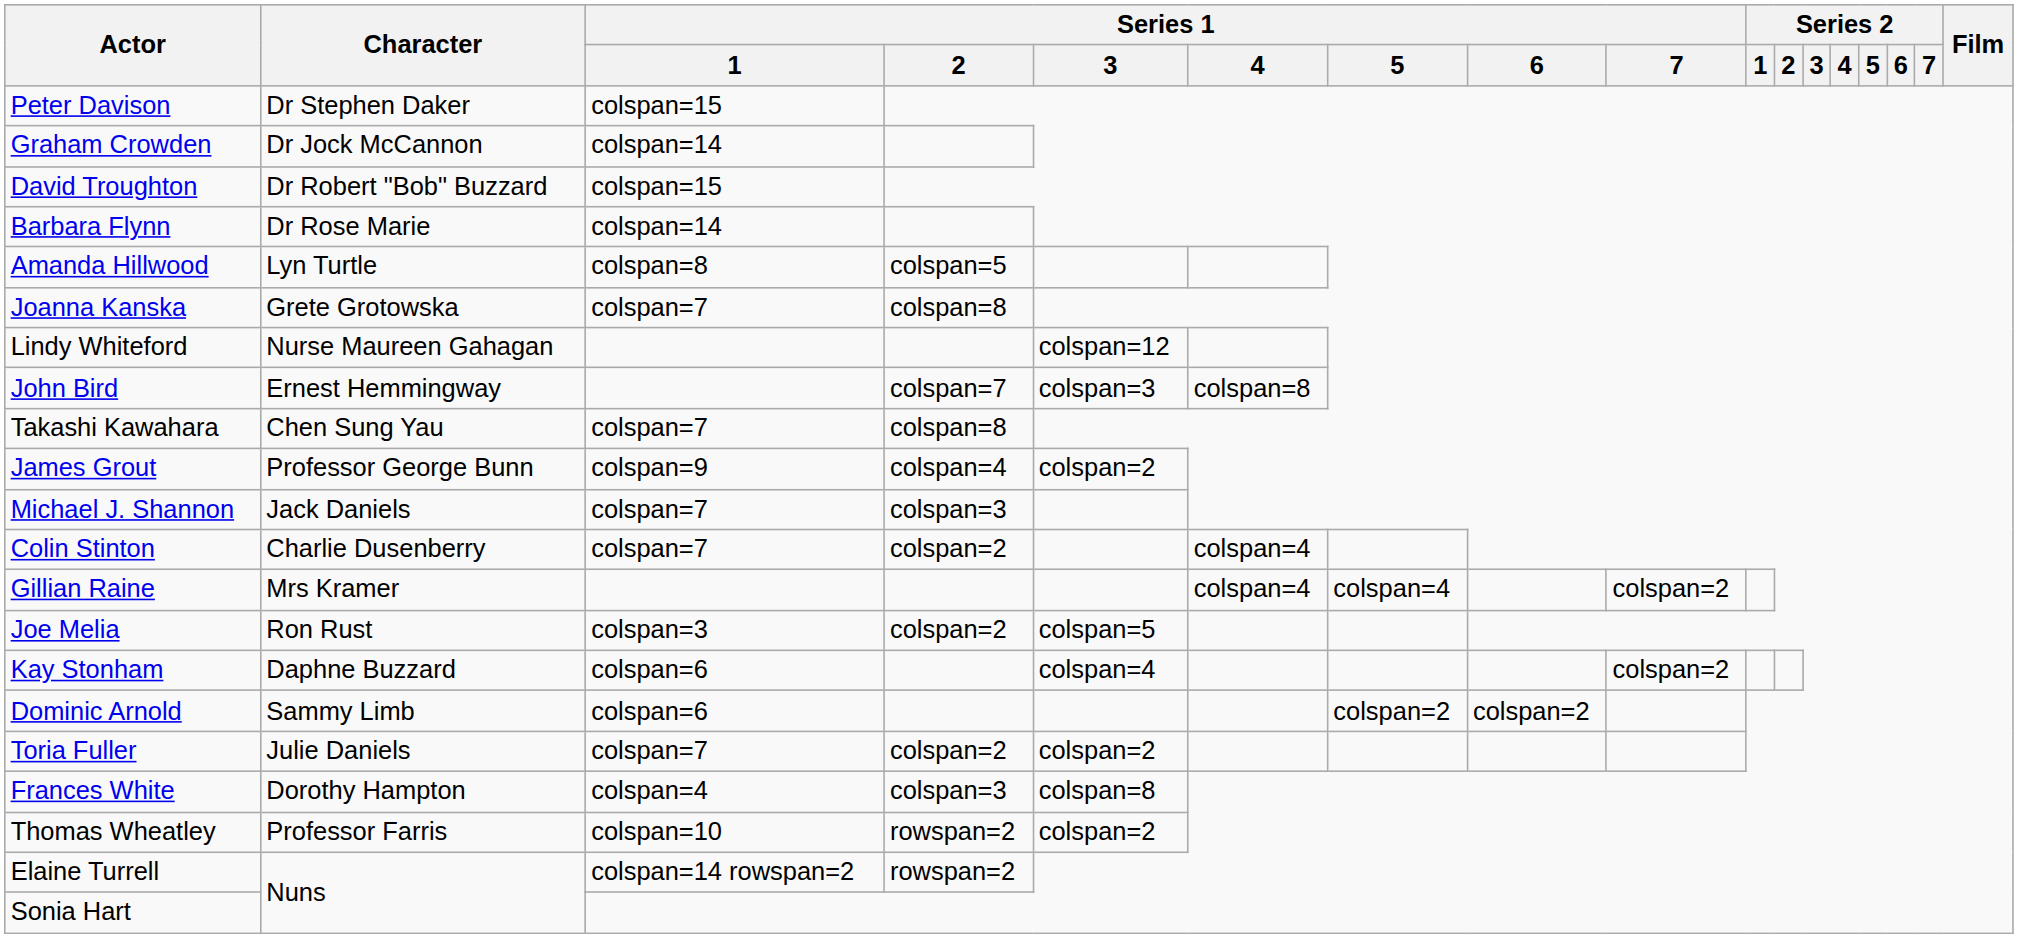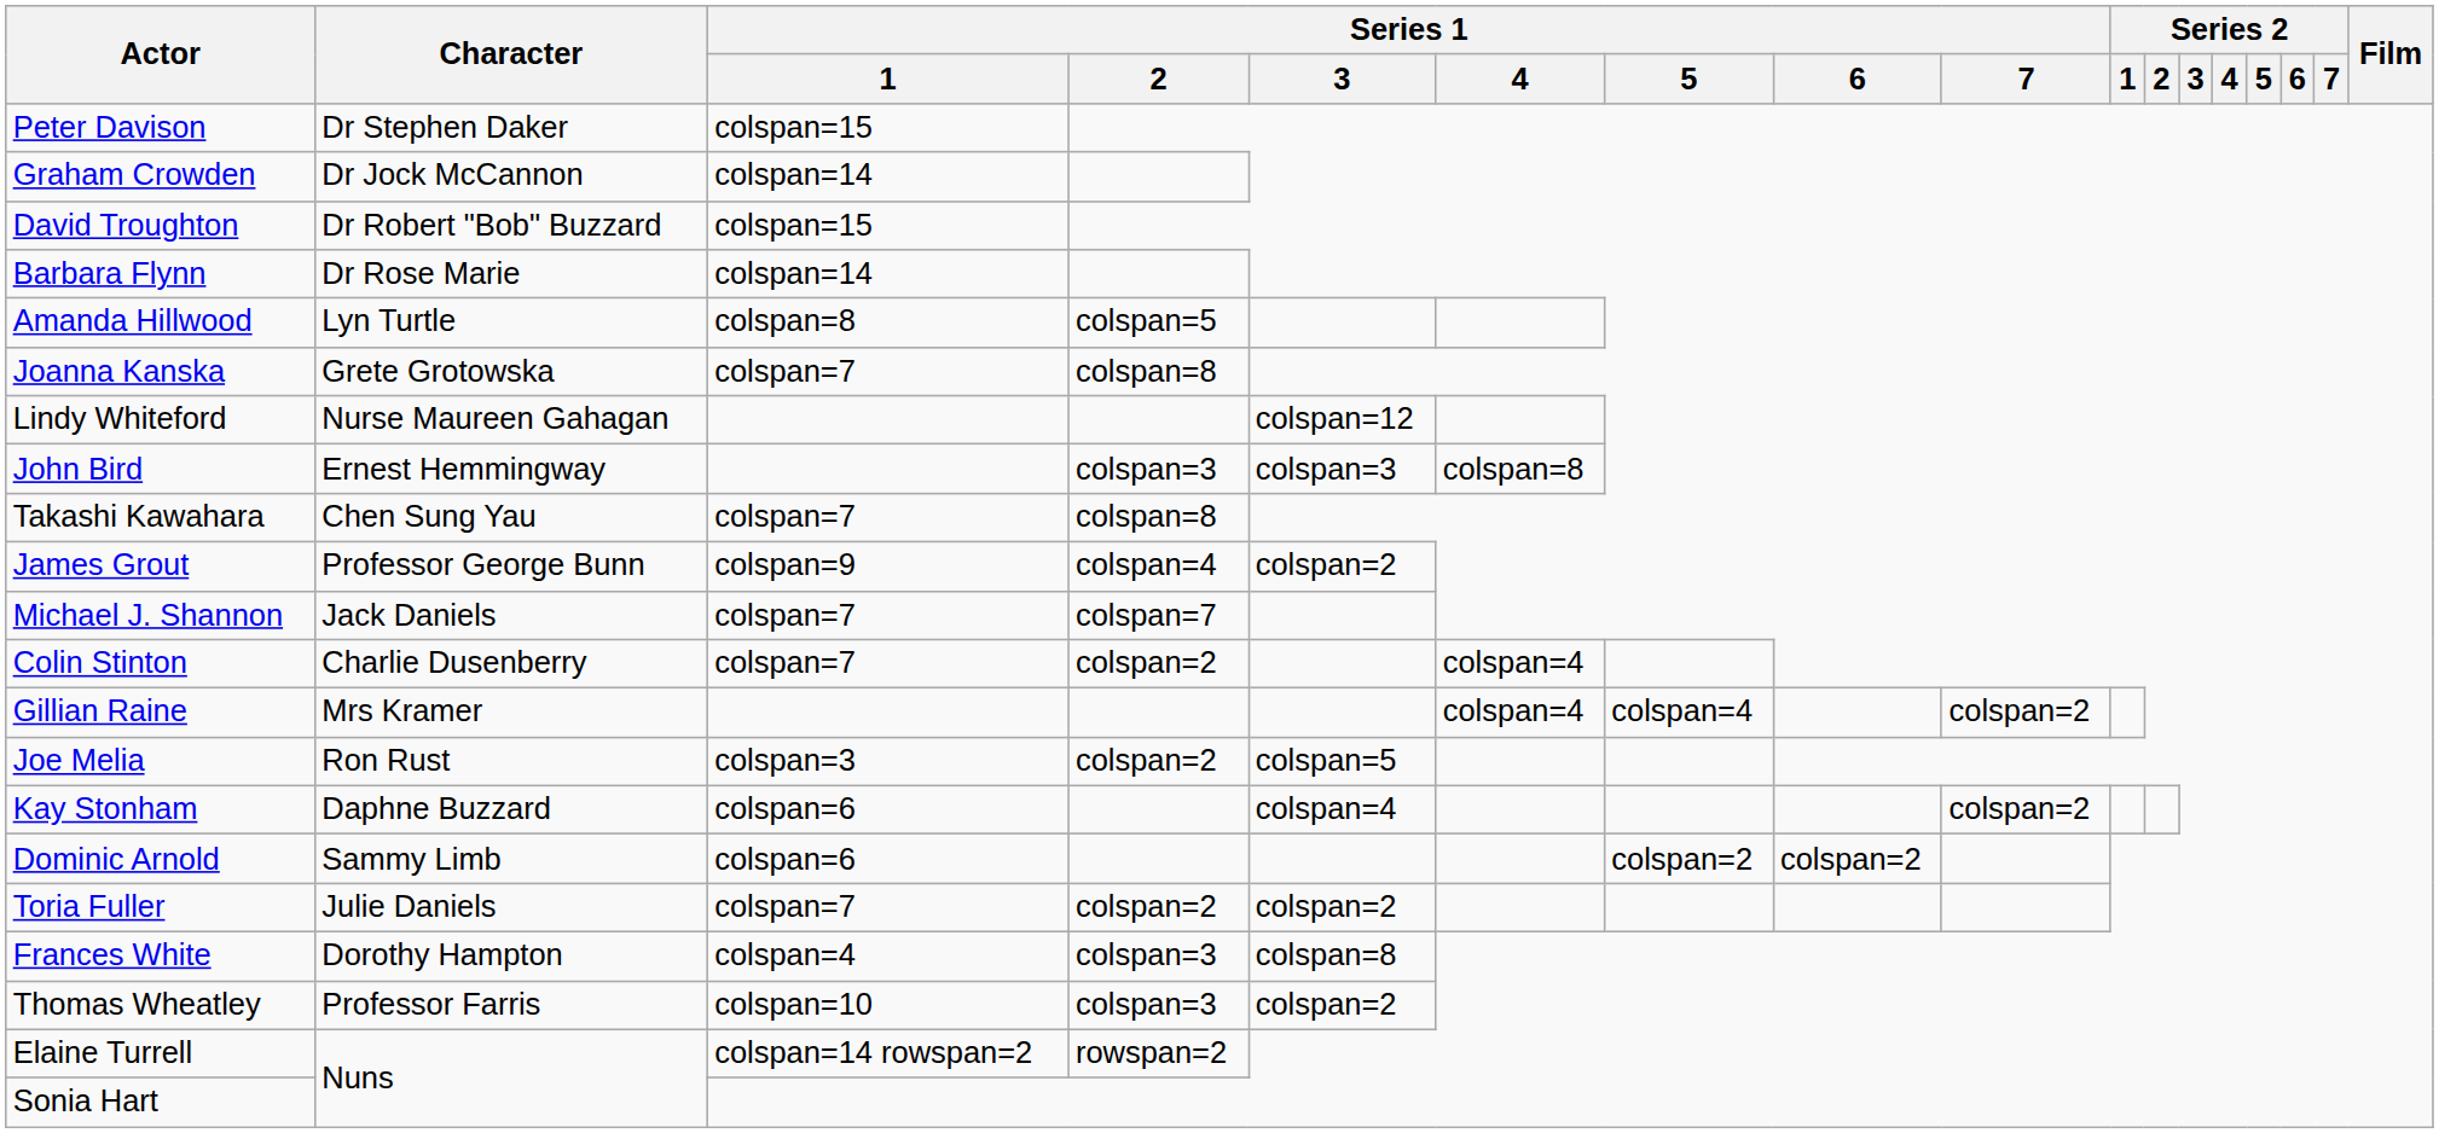 <table class="wikitable planrowheaders" style="width: 100%; margin-right: 0;">
 <tr>
 <th rowspan=2>Actor</th>
 <th rowspan=2>Character</th>
 <th colspan=7>Series 1</th>
 <th colspan=7>Series 2</th>
 <th rowspan=2>Film</th>
 </tr>
 <tr>
 <th>1</th>
 <th>2</th>
 <th>3</th>
 <th>4</th>
 <th>5</th>
 <th>6</th>
 <th>7</th>
 <th>1</th>
 <th>2</th>
 <th>3</th>
 <th>4</th>
 <th>5</th>
 <th>6</th>
 <th>7</th>
 </tr>
 <tr>
 <td><a href='#'>Peter Davison</a></td>
 <td>Dr Stephen Daker</td>
 <td>colspan=15 </td>
 </tr>
 <tr>
 <td><a href='#'>Graham Crowden</a></td>
 <td>Dr Jock McCannon</td>
 <td>colspan=14 </td>
 <td></td>
 </tr>
 <tr>
 <td><a href='#'>David Troughton</a></td>
 <td>Dr Robert "Bob" Buzzard</td>
 <td>colspan=15 </td>
 </tr>
 <tr>
 <td><a href='#'>Barbara Flynn</a></td>
 <td>Dr Rose Marie</td>
 <td>colspan=14 </td>
 <td></td>
 </tr>
 <tr>
 <td><a href='#'>Amanda Hillwood</a></td>
 <td>Lyn Turtle</td>
 <td>colspan=8 </td>
 <td>colspan=5 </td>
 <td></td>
 <td></td>
 </tr>
 <tr>
 <td><a href='#'>Joanna Kanska</a></td>
 <td>Grete Grotowska</td>
 <td>colspan=7 </td>
 <td>colspan=8 </td>
 </tr>
 <tr>
 <td>Lindy Whiteford</td>
 <td>Nurse Maureen Gahagan</td>
 <td></td>
 <td></td>
 <td>colspan=12 </td>
 <td></td>
 </tr>
 <tr>
 <td><a href='#'>John Bird</a></td>
 <td>Ernest Hemmingway</td>
 <td></td>
-<td>colspan=7 </td>
+<td>colspan=3 </td>
 <td>colspan=3 </td>
 <td>colspan=8 </td>
 </tr>
 <tr>
 <td>Takashi Kawahara</td>
 <td>Chen Sung Yau</td>
 <td>colspan=7 </td>
 <td>colspan=8 </td>
 </tr>
 <tr>
 <td><a href='#'>James Grout</a></td>
 <td>Professor George Bunn</td>
 <td>colspan=9 </td>
 <td>colspan=4 </td>
 <td>colspan=2 </td>
 </tr>
 <tr>
 <td><a href='#'>Michael J. Shannon</a></td>
 <td>Jack Daniels</td>
 <td>colspan=7 </td>
-<td>colspan=3 </td>
+<td>colspan=7 </td>
 <td></td>
 </tr>
 <tr>
 <td><a href='#'>Colin Stinton</a></td>
 <td>Charlie Dusenberry</td>
 <td>colspan=7 </td>
 <td>colspan=2 </td>
 <td></td>
 <td>colspan=4 </td>
 <td></td>
 </tr>
 <tr>
 <td><a href='#'>Gillian Raine</a></td>
 <td>Mrs Kramer</td>
 <td></td>
 <td></td>
 <td></td>
 <td>colspan=4 </td>
 <td>colspan=4 </td>
 <td></td>
 <td>colspan=2 </td>
 <td></td>
 </tr>
 <tr>
 <td><a href='#'>Joe Melia</a></td>
 <td>Ron Rust</td>
 <td>colspan=3 </td>
 <td>colspan=2 </td>
 <td>colspan=5 </td>
 <td></td>
 <td></td>
 </tr>
 <tr>
 <td><a href='#'>Kay Stonham</a></td>
 <td>Daphne Buzzard</td>
 <td>colspan=6 </td>
 <td></td>
 <td>colspan=4 </td>
 <td></td>
 <td></td>
 <td></td>
 <td>colspan=2 </td>
 <td></td>
 <td></td>
 </tr>
 <tr>
 <td><a href='#'>Dominic Arnold</a></td>
 <td>Sammy Limb</td>
 <td>colspan=6 </td>
 <td></td>
 <td></td>
 <td></td>
 <td>colspan=2 </td>
 <td>colspan=2 </td>
 <td></td>
 </tr>
 <tr>
 <td><a href='#'>Toria Fuller</a></td>
 <td>Julie Daniels</td>
 <td>colspan=7 </td>
 <td>colspan=2 </td>
 <td>colspan=2 </td>
 <td></td>
 <td></td>
 <td></td>
 <td></td>
 </tr>
 <tr>
 <td><a href='#'>Frances White</a></td>
 <td>Dorothy Hampton</td>
 <td>colspan=4 </td>
 <td>colspan=3 </td>
 <td>colspan=8 </td>
 </tr>
 <tr>
 <td>Thomas Wheatley</td>
 <td>Professor Farris</td>
 <td>colspan=10 </td>
-<td>rowspan=2 </td>
+<td>colspan=3 </td>
 <td>colspan=2 </td>
 </tr>
 <tr>
 <td>Elaine Turrell</td>
 <td rowspan=2>Nuns</td>
 <td>colspan=14 rowspan=2 </td>
 <td>rowspan=2 </td>
 </tr>
 <tr>
 <td>Sonia Hart</td>
 </tr>
 </table>
